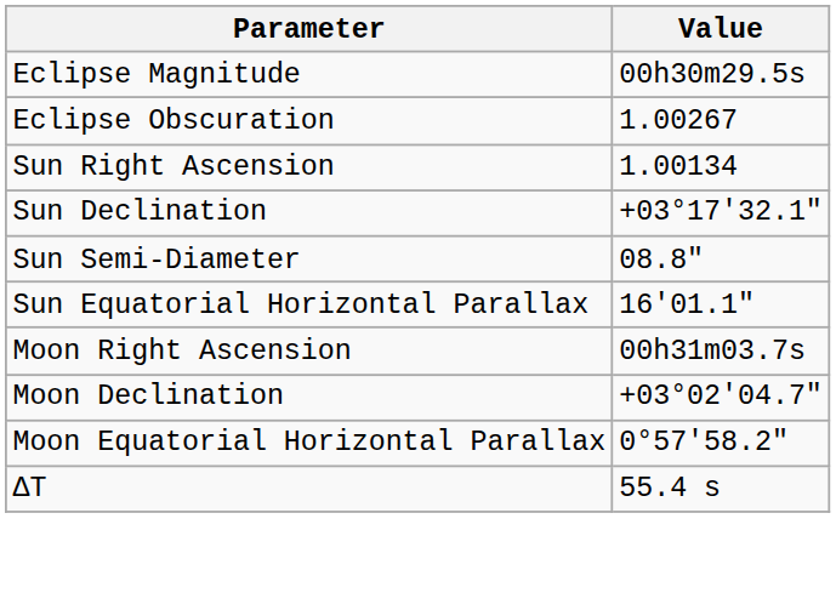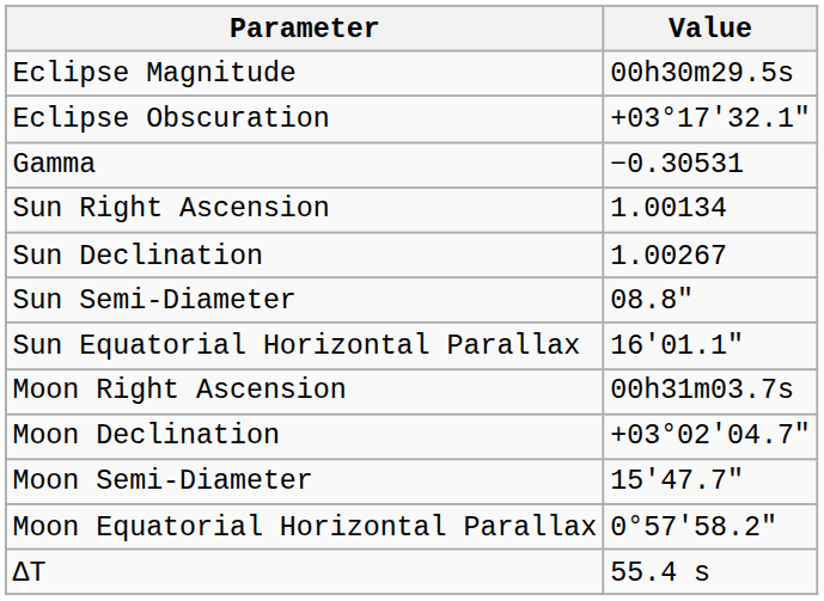 <table class="wikitable">
 <tr>
 <th>Parameter</th>
 <th>Value</th>
 </tr>
 <tr>
 <td>Eclipse Magnitude</td>
 <td>00h30m29.5s</td>
 </tr>
 <tr>
 <td>Eclipse Obscuration</td>
-<td>1.00267</td>
+<td>+03°17'32.1"</td>
+</tr>
+<tr>
+<td>Gamma</td>
+<td>−0.30531</td>
 </tr>
 <tr>
 <td>Sun Right Ascension</td>
 <td>1.00134</td>
 </tr>
 <tr>
 <td>Sun Declination</td>
-<td>+03°17'32.1"</td>
+<td>1.00267</td>
 </tr>
 <tr>
 <td>Sun Semi-Diameter</td>
 <td>08.8"</td>
 </tr>
 <tr>
 <td>Sun Equatorial Horizontal Parallax</td>
 <td>16'01.1"</td>
 </tr>
 <tr>
 <td>Moon Right Ascension</td>
 <td>00h31m03.7s</td>
 </tr>
 <tr>
 <td>Moon Declination</td>
 <td>+03°02'04.7"</td>
 </tr>
 <tr>
+<td>Moon Semi-Diameter</td>
+<td>15'47.7"</td>
+</tr>
+<tr>
 <td>Moon Equatorial Horizontal Parallax</td>
 <td>0°57'58.2"</td>
 </tr>
 <tr>
 <td>ΔT</td>
 <td>55.4 s</td>
 </tr>
 </table>
